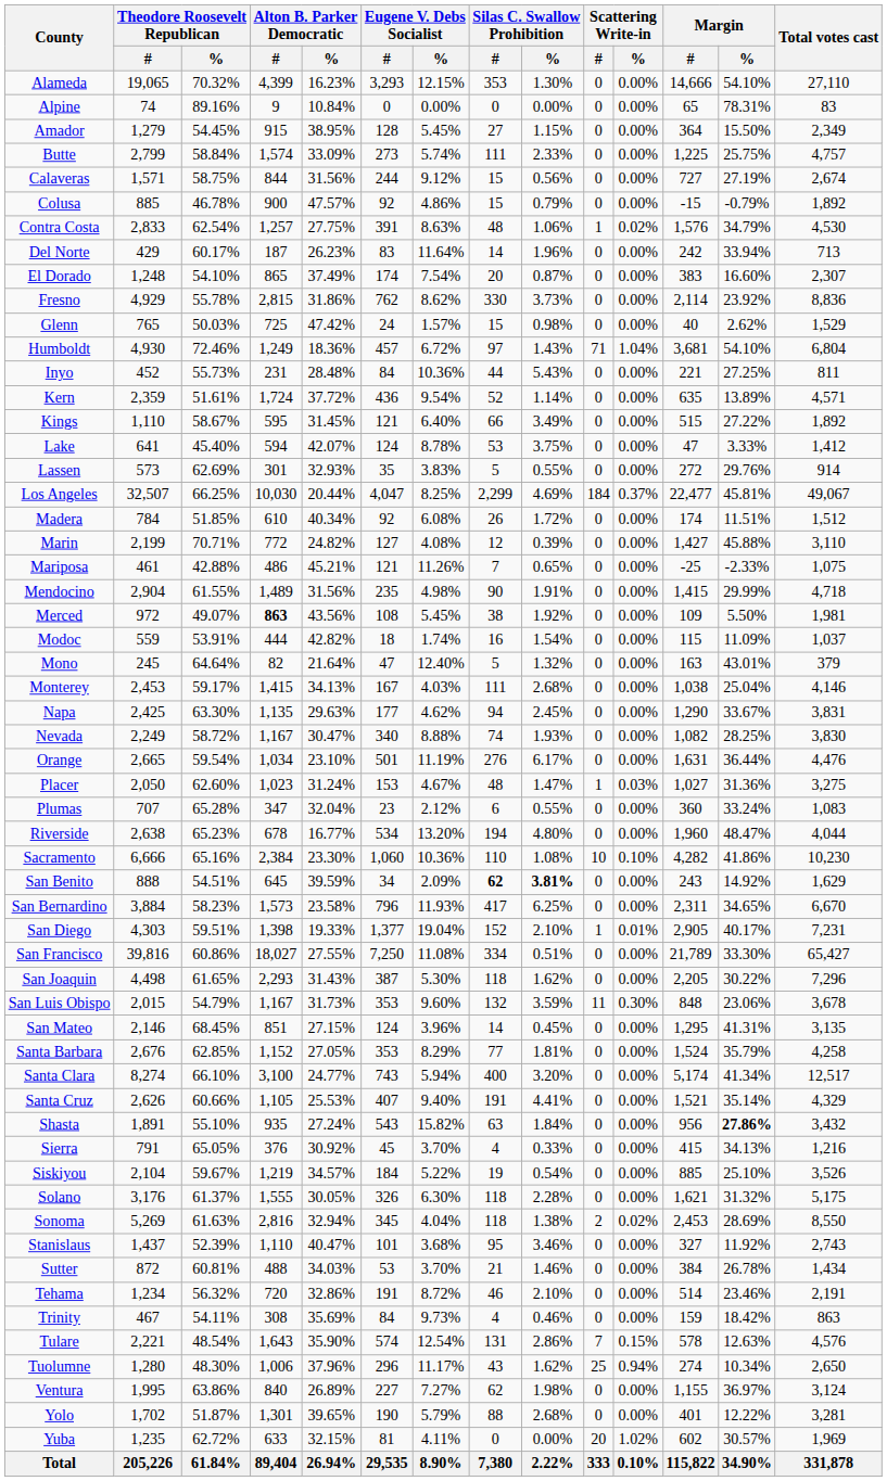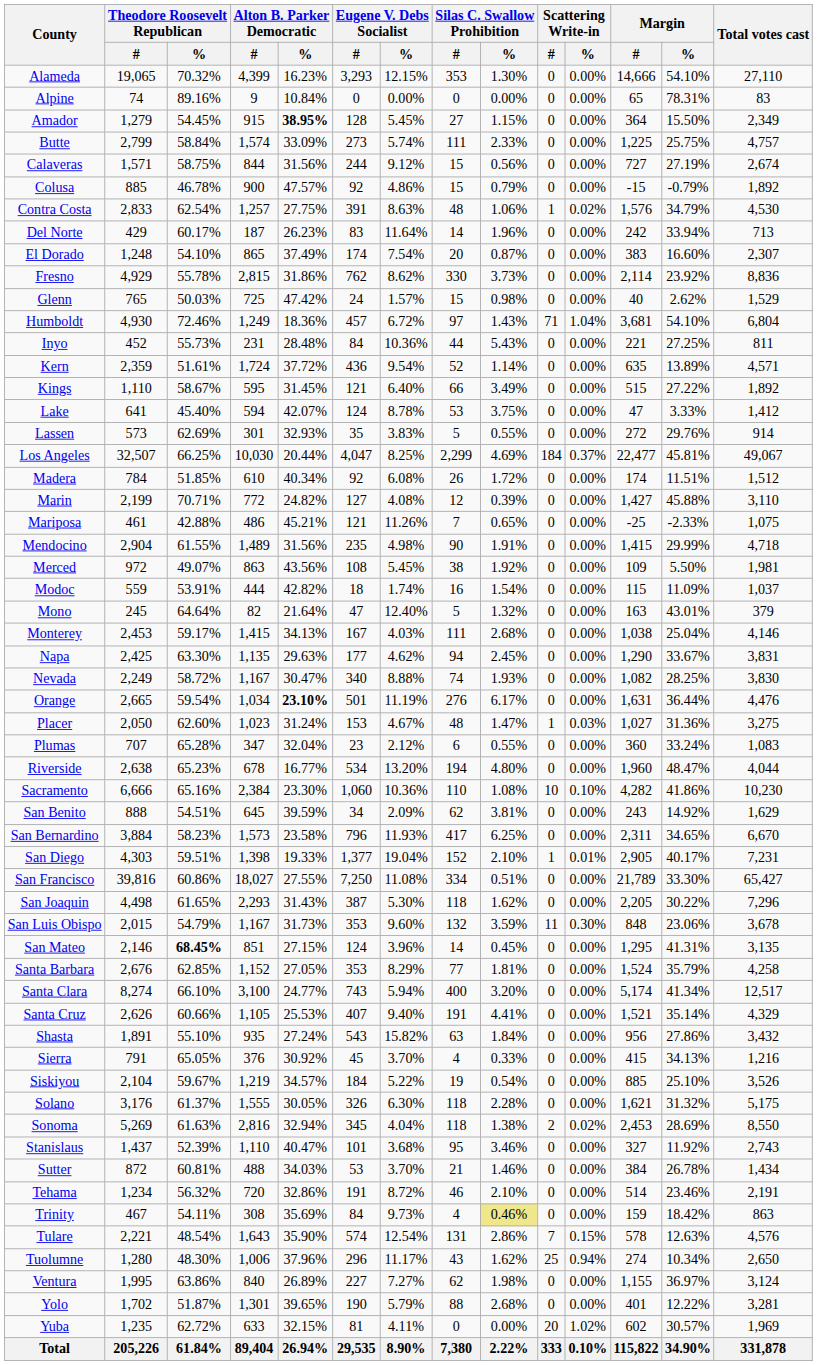 <table class="wikitable sortable" style="text-align:center">
 <tr>
 <th rowspan="2">County</th>
 <th style="text-align:center;" colspan="2"><a href='#'>Theodore Roosevelt</a><br>Republican</th>
 <th style="text-align:center;" colspan="2"><a href='#'>Alton B. Parker</a><br>Democratic</th>
 <th style="text-align:center;" colspan="2"><a href='#'>Eugene V. Debs</a><br>Socialist</th>
 <th style="text-align:center;" colspan="2"><a href='#'>Silas C. Swallow</a><br>Prohibition</th>
 <th style="text-align:center;" colspan="2">Scattering<br>Write-in</th>
 <th style="text-align:center;" colspan="2">Margin</th>
 <th style="text-align:center;" rowspan="2">Total votes cast</th>
 </tr>
 <tr>
 <th style="text-align:center;" data-sort-type="number">#</th>
 <th style="text-align:center;" data-sort-type="number">%</th>
 <th style="text-align:center;" data-sort-type="number">#</th>
 <th style="text-align:center;" data-sort-type="number">%</th>
 <th style="text-align:center;" data-sort-type="number">#</th>
 <th style="text-align:center;" data-sort-type="number">%</th>
 <th style="text-align:center;" data-sort-type="number">#</th>
 <th style="text-align:center;" data-sort-type="number">%</th>
 <th style="text-align:center;" data-sort-type="number">#</th>
 <th style="text-align:center;" data-sort-type="number">%</th>
 <th style="text-align:center;" data-sort-type="number">#</th>
 <th style="text-align:center;" data-sort-type="number">%</th>
 </tr>
 <tr style="text-align:center;">
 <td><a href='#'>Alameda</a></td>
 <td>19,065</td>
 <td>70.32%</td>
 <td>4,399</td>
 <td>16.23%</td>
 <td>3,293</td>
 <td>12.15%</td>
 <td>353</td>
 <td>1.30%</td>
 <td>0</td>
 <td>0.00%</td>
 <td>14,666</td>
 <td>54.10%</td>
 <td>27,110</td>
 </tr>
 <tr style="text-align:center;">
 <td><a href='#'>Alpine</a></td>
 <td>74</td>
 <td>89.16%</td>
 <td>9</td>
 <td>10.84%</td>
 <td>0</td>
 <td>0.00%</td>
 <td>0</td>
 <td>0.00%</td>
 <td>0</td>
 <td>0.00%</td>
 <td>65</td>
 <td>78.31%</td>
 <td>83</td>
 </tr>
 <tr style="text-align:center;">
 <td><a href='#'>Amador</a></td>
 <td>1,279</td>
 <td>54.45%</td>
 <td>915</td>
-<td>38.95%</td>
+<td><strong>38.95%</strong></td>
 <td>128</td>
 <td>5.45%</td>
 <td>27</td>
 <td>1.15%</td>
 <td>0</td>
 <td>0.00%</td>
 <td>364</td>
 <td>15.50%</td>
 <td>2,349</td>
 </tr>
 <tr style="text-align:center;">
 <td><a href='#'>Butte</a></td>
 <td>2,799</td>
 <td>58.84%</td>
 <td>1,574</td>
 <td>33.09%</td>
 <td>273</td>
 <td>5.74%</td>
 <td>111</td>
 <td>2.33%</td>
 <td>0</td>
 <td>0.00%</td>
 <td>1,225</td>
 <td>25.75%</td>
 <td>4,757</td>
 </tr>
 <tr style="text-align:center;">
 <td><a href='#'>Calaveras</a></td>
 <td>1,571</td>
 <td>58.75%</td>
 <td>844</td>
 <td>31.56%</td>
 <td>244</td>
 <td>9.12%</td>
 <td>15</td>
 <td>0.56%</td>
 <td>0</td>
 <td>0.00%</td>
 <td>727</td>
 <td>27.19%</td>
 <td>2,674</td>
 </tr>
 <tr style="text-align:center;">
 <td><a href='#'>Colusa</a></td>
 <td>885</td>
 <td>46.78%</td>
 <td>900</td>
 <td>47.57%</td>
 <td>92</td>
 <td>4.86%</td>
 <td>15</td>
 <td>0.79%</td>
 <td>0</td>
 <td>0.00%</td>
 <td>-15</td>
 <td>-0.79%</td>
 <td>1,892</td>
 </tr>
 <tr style="text-align:center;">
 <td><a href='#'>Contra Costa</a></td>
 <td>2,833</td>
 <td>62.54%</td>
 <td>1,257</td>
 <td>27.75%</td>
 <td>391</td>
 <td>8.63%</td>
 <td>48</td>
 <td>1.06%</td>
 <td>1</td>
 <td>0.02%</td>
 <td>1,576</td>
 <td>34.79%</td>
 <td>4,530</td>
 </tr>
 <tr style="text-align:center;">
 <td><a href='#'>Del Norte</a></td>
 <td>429</td>
 <td>60.17%</td>
 <td>187</td>
 <td>26.23%</td>
 <td>83</td>
 <td>11.64%</td>
 <td>14</td>
 <td>1.96%</td>
 <td>0</td>
 <td>0.00%</td>
 <td>242</td>
 <td>33.94%</td>
 <td>713</td>
 </tr>
 <tr style="text-align:center;">
 <td><a href='#'>El Dorado</a></td>
 <td>1,248</td>
 <td>54.10%</td>
 <td>865</td>
 <td>37.49%</td>
 <td>174</td>
 <td>7.54%</td>
 <td>20</td>
 <td>0.87%</td>
 <td>0</td>
 <td>0.00%</td>
 <td>383</td>
 <td>16.60%</td>
 <td>2,307</td>
 </tr>
 <tr style="text-align:center;">
 <td><a href='#'>Fresno</a></td>
 <td>4,929</td>
 <td>55.78%</td>
 <td>2,815</td>
 <td>31.86%</td>
 <td>762</td>
 <td>8.62%</td>
 <td>330</td>
 <td>3.73%</td>
 <td>0</td>
 <td>0.00%</td>
 <td>2,114</td>
 <td>23.92%</td>
 <td>8,836</td>
 </tr>
 <tr style="text-align:center;">
 <td><a href='#'>Glenn</a></td>
 <td>765</td>
 <td>50.03%</td>
 <td>725</td>
 <td>47.42%</td>
 <td>24</td>
 <td>1.57%</td>
 <td>15</td>
 <td>0.98%</td>
 <td>0</td>
 <td>0.00%</td>
 <td>40</td>
 <td>2.62%</td>
 <td>1,529</td>
 </tr>
 <tr style="text-align:center;">
 <td><a href='#'>Humboldt</a></td>
 <td>4,930</td>
 <td>72.46%</td>
 <td>1,249</td>
 <td>18.36%</td>
 <td>457</td>
 <td>6.72%</td>
 <td>97</td>
 <td>1.43%</td>
 <td>71</td>
 <td>1.04%</td>
 <td>3,681</td>
 <td>54.10%</td>
 <td>6,804</td>
 </tr>
 <tr style="text-align:center;">
 <td><a href='#'>Inyo</a></td>
 <td>452</td>
 <td>55.73%</td>
 <td>231</td>
 <td>28.48%</td>
 <td>84</td>
 <td>10.36%</td>
 <td>44</td>
 <td>5.43%</td>
 <td>0</td>
 <td>0.00%</td>
 <td>221</td>
 <td>27.25%</td>
 <td>811</td>
 </tr>
 <tr style="text-align:center;">
 <td><a href='#'>Kern</a></td>
 <td>2,359</td>
 <td>51.61%</td>
 <td>1,724</td>
 <td>37.72%</td>
 <td>436</td>
 <td>9.54%</td>
 <td>52</td>
 <td>1.14%</td>
 <td>0</td>
 <td>0.00%</td>
 <td>635</td>
 <td>13.89%</td>
 <td>4,571</td>
 </tr>
 <tr style="text-align:center;">
 <td><a href='#'>Kings</a></td>
 <td>1,110</td>
 <td>58.67%</td>
 <td>595</td>
 <td>31.45%</td>
 <td>121</td>
 <td>6.40%</td>
 <td>66</td>
 <td>3.49%</td>
 <td>0</td>
 <td>0.00%</td>
 <td>515</td>
 <td>27.22%</td>
 <td>1,892</td>
 </tr>
 <tr style="text-align:center;">
 <td><a href='#'>Lake</a></td>
 <td>641</td>
 <td>45.40%</td>
 <td>594</td>
 <td>42.07%</td>
 <td>124</td>
 <td>8.78%</td>
 <td>53</td>
 <td>3.75%</td>
 <td>0</td>
 <td>0.00%</td>
 <td>47</td>
 <td>3.33%</td>
 <td>1,412</td>
 </tr>
 <tr style="text-align:center;">
 <td><a href='#'>Lassen</a></td>
 <td>573</td>
 <td>62.69%</td>
 <td>301</td>
 <td>32.93%</td>
 <td>35</td>
 <td>3.83%</td>
 <td>5</td>
 <td>0.55%</td>
 <td>0</td>
 <td>0.00%</td>
 <td>272</td>
 <td>29.76%</td>
 <td>914</td>
 </tr>
 <tr style="text-align:center;">
 <td><a href='#'>Los Angeles</a></td>
 <td>32,507</td>
 <td>66.25%</td>
 <td>10,030</td>
 <td>20.44%</td>
 <td>4,047</td>
 <td>8.25%</td>
 <td>2,299</td>
 <td>4.69%</td>
 <td>184</td>
 <td>0.37%</td>
 <td>22,477</td>
 <td>45.81%</td>
 <td>49,067</td>
 </tr>
 <tr style="text-align:center;">
 <td><a href='#'>Madera</a></td>
 <td>784</td>
 <td>51.85%</td>
 <td>610</td>
 <td>40.34%</td>
 <td>92</td>
 <td>6.08%</td>
 <td>26</td>
 <td>1.72%</td>
 <td>0</td>
 <td>0.00%</td>
 <td>174</td>
 <td>11.51%</td>
 <td>1,512</td>
 </tr>
 <tr style="text-align:center;">
 <td><a href='#'>Marin</a></td>
 <td>2,199</td>
 <td>70.71%</td>
 <td>772</td>
 <td>24.82%</td>
 <td>127</td>
 <td>4.08%</td>
 <td>12</td>
 <td>0.39%</td>
 <td>0</td>
 <td>0.00%</td>
 <td>1,427</td>
 <td>45.88%</td>
 <td>3,110</td>
 </tr>
 <tr style="text-align:center;">
 <td><a href='#'>Mariposa</a></td>
 <td>461</td>
 <td>42.88%</td>
 <td>486</td>
 <td>45.21%</td>
 <td>121</td>
 <td>11.26%</td>
 <td>7</td>
 <td>0.65%</td>
 <td>0</td>
 <td>0.00%</td>
 <td>-25</td>
 <td>-2.33%</td>
 <td>1,075</td>
 </tr>
 <tr style="text-align:center;">
 <td><a href='#'>Mendocino</a></td>
 <td>2,904</td>
 <td>61.55%</td>
 <td>1,489</td>
 <td>31.56%</td>
 <td>235</td>
 <td>4.98%</td>
 <td>90</td>
 <td>1.91%</td>
 <td>0</td>
 <td>0.00%</td>
 <td>1,415</td>
 <td>29.99%</td>
 <td>4,718</td>
 </tr>
 <tr style="text-align:center;">
 <td><a href='#'>Merced</a></td>
 <td>972</td>
 <td>49.07%</td>
-<td><strong>863</strong></td>
+<td>863</td>
 <td>43.56%</td>
 <td>108</td>
 <td>5.45%</td>
 <td>38</td>
 <td>1.92%</td>
 <td>0</td>
 <td>0.00%</td>
 <td>109</td>
 <td>5.50%</td>
 <td>1,981</td>
 </tr>
 <tr style="text-align:center;">
 <td><a href='#'>Modoc</a></td>
 <td>559</td>
 <td>53.91%</td>
 <td>444</td>
 <td>42.82%</td>
 <td>18</td>
 <td>1.74%</td>
 <td>16</td>
 <td>1.54%</td>
 <td>0</td>
 <td>0.00%</td>
 <td>115</td>
 <td>11.09%</td>
 <td>1,037</td>
 </tr>
 <tr style="text-align:center;">
 <td><a href='#'>Mono</a></td>
 <td>245</td>
 <td>64.64%</td>
 <td>82</td>
 <td>21.64%</td>
 <td>47</td>
 <td>12.40%</td>
 <td>5</td>
 <td>1.32%</td>
 <td>0</td>
 <td>0.00%</td>
 <td>163</td>
 <td>43.01%</td>
 <td>379</td>
 </tr>
 <tr style="text-align:center;">
 <td><a href='#'>Monterey</a></td>
 <td>2,453</td>
 <td>59.17%</td>
 <td>1,415</td>
 <td>34.13%</td>
 <td>167</td>
 <td>4.03%</td>
 <td>111</td>
 <td>2.68%</td>
 <td>0</td>
 <td>0.00%</td>
 <td>1,038</td>
 <td>25.04%</td>
 <td>4,146</td>
 </tr>
 <tr style="text-align:center;">
 <td><a href='#'>Napa</a></td>
 <td>2,425</td>
 <td>63.30%</td>
 <td>1,135</td>
 <td>29.63%</td>
 <td>177</td>
 <td>4.62%</td>
 <td>94</td>
 <td>2.45%</td>
 <td>0</td>
 <td>0.00%</td>
 <td>1,290</td>
 <td>33.67%</td>
 <td>3,831</td>
 </tr>
 <tr style="text-align:center;">
 <td><a href='#'>Nevada</a></td>
 <td>2,249</td>
 <td>58.72%</td>
 <td>1,167</td>
 <td>30.47%</td>
 <td>340</td>
 <td>8.88%</td>
 <td>74</td>
 <td>1.93%</td>
 <td>0</td>
 <td>0.00%</td>
 <td>1,082</td>
 <td>28.25%</td>
 <td>3,830</td>
 </tr>
 <tr style="text-align:center;">
 <td><a href='#'>Orange</a></td>
 <td>2,665</td>
 <td>59.54%</td>
 <td>1,034</td>
-<td>23.10%</td>
+<td><strong>23.10%</strong></td>
 <td>501</td>
 <td>11.19%</td>
 <td>276</td>
 <td>6.17%</td>
 <td>0</td>
 <td>0.00%</td>
 <td>1,631</td>
 <td>36.44%</td>
 <td>4,476</td>
 </tr>
 <tr style="text-align:center;">
 <td><a href='#'>Placer</a></td>
 <td>2,050</td>
 <td>62.60%</td>
 <td>1,023</td>
 <td>31.24%</td>
 <td>153</td>
 <td>4.67%</td>
 <td>48</td>
 <td>1.47%</td>
 <td>1</td>
 <td>0.03%</td>
 <td>1,027</td>
 <td>31.36%</td>
 <td>3,275</td>
 </tr>
 <tr style="text-align:center;">
 <td><a href='#'>Plumas</a></td>
 <td>707</td>
 <td>65.28%</td>
 <td>347</td>
 <td>32.04%</td>
 <td>23</td>
 <td>2.12%</td>
 <td>6</td>
 <td>0.55%</td>
 <td>0</td>
 <td>0.00%</td>
 <td>360</td>
 <td>33.24%</td>
 <td>1,083</td>
 </tr>
 <tr style="text-align:center;">
 <td><a href='#'>Riverside</a></td>
 <td>2,638</td>
 <td>65.23%</td>
 <td>678</td>
 <td>16.77%</td>
 <td>534</td>
 <td>13.20%</td>
 <td>194</td>
 <td>4.80%</td>
 <td>0</td>
 <td>0.00%</td>
 <td>1,960</td>
 <td>48.47%</td>
 <td>4,044</td>
 </tr>
 <tr style="text-align:center;">
 <td><a href='#'>Sacramento</a></td>
 <td>6,666</td>
 <td>65.16%</td>
 <td>2,384</td>
 <td>23.30%</td>
 <td>1,060</td>
 <td>10.36%</td>
 <td>110</td>
 <td>1.08%</td>
 <td>10</td>
 <td>0.10%</td>
 <td>4,282</td>
 <td>41.86%</td>
 <td>10,230</td>
 </tr>
 <tr style="text-align:center;">
 <td><a href='#'>San Benito</a></td>
 <td>888</td>
 <td>54.51%</td>
 <td>645</td>
 <td>39.59%</td>
 <td>34</td>
 <td>2.09%</td>
-<td><strong>62</strong></td>
-<td><strong>3.81%</strong></td>
+<td>62</td>
+<td>3.81%</td>
 <td>0</td>
 <td>0.00%</td>
 <td>243</td>
 <td>14.92%</td>
 <td>1,629</td>
 </tr>
 <tr style="text-align:center;">
 <td><a href='#'>San Bernardino</a></td>
 <td>3,884</td>
 <td>58.23%</td>
 <td>1,573</td>
 <td>23.58%</td>
 <td>796</td>
 <td>11.93%</td>
 <td>417</td>
 <td>6.25%</td>
 <td>0</td>
 <td>0.00%</td>
 <td>2,311</td>
 <td>34.65%</td>
 <td>6,670</td>
 </tr>
 <tr style="text-align:center;">
 <td><a href='#'>San Diego</a></td>
 <td>4,303</td>
 <td>59.51%</td>
 <td>1,398</td>
 <td>19.33%</td>
 <td>1,377</td>
 <td>19.04%</td>
 <td>152</td>
 <td>2.10%</td>
 <td>1</td>
 <td>0.01%</td>
 <td>2,905</td>
 <td>40.17%</td>
 <td>7,231</td>
 </tr>
 <tr style="text-align:center;">
 <td><a href='#'>San Francisco</a></td>
 <td>39,816</td>
 <td>60.86%</td>
 <td>18,027</td>
 <td>27.55%</td>
 <td>7,250</td>
 <td>11.08%</td>
 <td>334</td>
 <td>0.51%</td>
 <td>0</td>
 <td>0.00%</td>
 <td>21,789</td>
 <td>33.30%</td>
 <td>65,427</td>
 </tr>
 <tr style="text-align:center;">
 <td><a href='#'>San Joaquin</a></td>
 <td>4,498</td>
 <td>61.65%</td>
 <td>2,293</td>
 <td>31.43%</td>
 <td>387</td>
 <td>5.30%</td>
 <td>118</td>
 <td>1.62%</td>
 <td>0</td>
 <td>0.00%</td>
 <td>2,205</td>
 <td>30.22%</td>
 <td>7,296</td>
 </tr>
 <tr style="text-align:center;">
 <td><a href='#'>San Luis Obispo</a></td>
 <td>2,015</td>
 <td>54.79%</td>
 <td>1,167</td>
 <td>31.73%</td>
 <td>353</td>
 <td>9.60%</td>
 <td>132</td>
 <td>3.59%</td>
 <td>11</td>
 <td>0.30%</td>
 <td>848</td>
 <td>23.06%</td>
 <td>3,678</td>
 </tr>
 <tr style="text-align:center;">
 <td><a href='#'>San Mateo</a></td>
 <td>2,146</td>
-<td>68.45%</td>
+<td><strong>68.45%</strong></td>
 <td>851</td>
 <td>27.15%</td>
 <td>124</td>
 <td>3.96%</td>
 <td>14</td>
 <td>0.45%</td>
 <td>0</td>
 <td>0.00%</td>
 <td>1,295</td>
 <td>41.31%</td>
 <td>3,135</td>
 </tr>
 <tr style="text-align:center;">
 <td><a href='#'>Santa Barbara</a></td>
 <td>2,676</td>
 <td>62.85%</td>
 <td>1,152</td>
 <td>27.05%</td>
 <td>353</td>
 <td>8.29%</td>
 <td>77</td>
 <td>1.81%</td>
 <td>0</td>
 <td>0.00%</td>
 <td>1,524</td>
 <td>35.79%</td>
 <td>4,258</td>
 </tr>
 <tr style="text-align:center;">
 <td><a href='#'>Santa Clara</a></td>
 <td>8,274</td>
 <td>66.10%</td>
 <td>3,100</td>
 <td>24.77%</td>
 <td>743</td>
 <td>5.94%</td>
 <td>400</td>
 <td>3.20%</td>
 <td>0</td>
 <td>0.00%</td>
 <td>5,174</td>
 <td>41.34%</td>
 <td>12,517</td>
 </tr>
 <tr style="text-align:center;">
 <td><a href='#'>Santa Cruz</a></td>
 <td>2,626</td>
 <td>60.66%</td>
 <td>1,105</td>
 <td>25.53%</td>
 <td>407</td>
 <td>9.40%</td>
 <td>191</td>
 <td>4.41%</td>
 <td>0</td>
 <td>0.00%</td>
 <td>1,521</td>
 <td>35.14%</td>
 <td>4,329</td>
 </tr>
 <tr style="text-align:center;">
 <td><a href='#'>Shasta</a></td>
 <td>1,891</td>
 <td>55.10%</td>
 <td>935</td>
 <td>27.24%</td>
 <td>543</td>
 <td>15.82%</td>
 <td>63</td>
 <td>1.84%</td>
 <td>0</td>
 <td>0.00%</td>
 <td>956</td>
-<td><strong>27.86%</strong></td>
+<td>27.86%</td>
 <td>3,432</td>
 </tr>
 <tr style="text-align:center;">
 <td><a href='#'>Sierra</a></td>
 <td>791</td>
 <td>65.05%</td>
 <td>376</td>
 <td>30.92%</td>
 <td>45</td>
 <td>3.70%</td>
 <td>4</td>
 <td>0.33%</td>
 <td>0</td>
 <td>0.00%</td>
 <td>415</td>
 <td>34.13%</td>
 <td>1,216</td>
 </tr>
 <tr style="text-align:center;">
 <td><a href='#'>Siskiyou</a></td>
 <td>2,104</td>
 <td>59.67%</td>
 <td>1,219</td>
 <td>34.57%</td>
 <td>184</td>
 <td>5.22%</td>
 <td>19</td>
 <td>0.54%</td>
 <td>0</td>
 <td>0.00%</td>
 <td>885</td>
 <td>25.10%</td>
 <td>3,526</td>
 </tr>
 <tr style="text-align:center;">
 <td><a href='#'>Solano</a></td>
 <td>3,176</td>
 <td>61.37%</td>
 <td>1,555</td>
 <td>30.05%</td>
 <td>326</td>
 <td>6.30%</td>
 <td>118</td>
 <td>2.28%</td>
 <td>0</td>
 <td>0.00%</td>
 <td>1,621</td>
 <td>31.32%</td>
 <td>5,175</td>
 </tr>
 <tr style="text-align:center;">
 <td><a href='#'>Sonoma</a></td>
 <td>5,269</td>
 <td>61.63%</td>
 <td>2,816</td>
 <td>32.94%</td>
 <td>345</td>
 <td>4.04%</td>
 <td>118</td>
 <td>1.38%</td>
 <td>2</td>
 <td>0.02%</td>
 <td>2,453</td>
 <td>28.69%</td>
 <td>8,550</td>
 </tr>
 <tr style="text-align:center;">
 <td><a href='#'>Stanislaus</a></td>
 <td>1,437</td>
 <td>52.39%</td>
 <td>1,110</td>
 <td>40.47%</td>
 <td>101</td>
 <td>3.68%</td>
 <td>95</td>
 <td>3.46%</td>
 <td>0</td>
 <td>0.00%</td>
 <td>327</td>
 <td>11.92%</td>
 <td>2,743</td>
 </tr>
 <tr style="text-align:center;">
 <td><a href='#'>Sutter</a></td>
 <td>872</td>
 <td>60.81%</td>
 <td>488</td>
 <td>34.03%</td>
 <td>53</td>
 <td>3.70%</td>
 <td>21</td>
 <td>1.46%</td>
 <td>0</td>
 <td>0.00%</td>
 <td>384</td>
 <td>26.78%</td>
 <td>1,434</td>
 </tr>
 <tr style="text-align:center;">
 <td><a href='#'>Tehama</a></td>
 <td>1,234</td>
 <td>56.32%</td>
 <td>720</td>
 <td>32.86%</td>
 <td>191</td>
 <td>8.72%</td>
 <td>46</td>
 <td>2.10%</td>
 <td>0</td>
 <td>0.00%</td>
 <td>514</td>
 <td>23.46%</td>
 <td>2,191</td>
 </tr>
 <tr style="text-align:center;">
 <td><a href='#'>Trinity</a></td>
 <td>467</td>
 <td>54.11%</td>
 <td>308</td>
 <td>35.69%</td>
 <td>84</td>
 <td>9.73%</td>
 <td>4</td>
-<td>0.46%</td>
+<td style="background: khaki;">0.46%</td>
 <td>0</td>
 <td>0.00%</td>
 <td>159</td>
 <td>18.42%</td>
 <td>863</td>
 </tr>
 <tr style="text-align:center;">
 <td><a href='#'>Tulare</a></td>
 <td>2,221</td>
 <td>48.54%</td>
 <td>1,643</td>
 <td>35.90%</td>
 <td>574</td>
 <td>12.54%</td>
 <td>131</td>
 <td>2.86%</td>
 <td>7</td>
 <td>0.15%</td>
 <td>578</td>
 <td>12.63%</td>
 <td>4,576</td>
 </tr>
 <tr style="text-align:center;">
 <td><a href='#'>Tuolumne</a></td>
 <td>1,280</td>
 <td>48.30%</td>
 <td>1,006</td>
 <td>37.96%</td>
 <td>296</td>
 <td>11.17%</td>
 <td>43</td>
 <td>1.62%</td>
 <td>25</td>
 <td>0.94%</td>
 <td>274</td>
 <td>10.34%</td>
 <td>2,650</td>
 </tr>
 <tr style="text-align:center;">
 <td><a href='#'>Ventura</a></td>
 <td>1,995</td>
 <td>63.86%</td>
 <td>840</td>
 <td>26.89%</td>
 <td>227</td>
 <td>7.27%</td>
 <td>62</td>
 <td>1.98%</td>
 <td>0</td>
 <td>0.00%</td>
 <td>1,155</td>
 <td>36.97%</td>
 <td>3,124</td>
 </tr>
 <tr style="text-align:center;">
 <td><a href='#'>Yolo</a></td>
 <td>1,702</td>
 <td>51.87%</td>
 <td>1,301</td>
 <td>39.65%</td>
 <td>190</td>
 <td>5.79%</td>
 <td>88</td>
 <td>2.68%</td>
 <td>0</td>
 <td>0.00%</td>
 <td>401</td>
 <td>12.22%</td>
 <td>3,281</td>
 </tr>
 <tr style="text-align:center;">
 <td><a href='#'>Yuba</a></td>
 <td>1,235</td>
 <td>62.72%</td>
 <td>633</td>
 <td>32.15%</td>
 <td>81</td>
 <td>4.11%</td>
 <td>0</td>
 <td>0.00%</td>
 <td>20</td>
 <td>1.02%</td>
 <td>602</td>
 <td>30.57%</td>
 <td>1,969</td>
 </tr>
 <tr style="text-align:center;">
 <th>Total</th>
 <th>205,226</th>
 <th>61.84%</th>
 <th>89,404</th>
 <th>26.94%</th>
 <th>29,535</th>
 <th>8.90%</th>
 <th>7,380</th>
 <th>2.22%</th>
 <th>333</th>
 <th>0.10%</th>
 <th>115,822</th>
 <th>34.90%</th>
 <th>331,878</th>
 </tr>
 </table>
